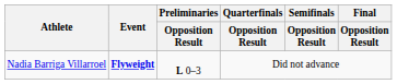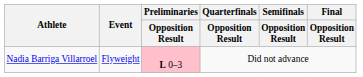 <table class="wikitable" border="1" style="font-size:90%">
 <tr>
 <th rowspan=2>Athlete</th>
 <th rowspan=2>Event</th>
 <th>Preliminaries</th>
 <th>Quarterfinals</th>
 <th>Semifinals</th>
 <th>Final</th>
 </tr>
 <tr>
 <th>Opposition<br>Result</th>
 <th>Opposition<br>Result</th>
 <th>Opposition<br>Result</th>
 <th>Opposition<br>Result</th>
 </tr>
 <tr>
 <td><a href='#'>Nadia Barriga Villarroel</a></td>
-<td><strong><a href='#'>Flyweight</a></strong></td>
-<td align=center><br><strong>L</strong> 0–3</td>
+<td><a href='#'>Flyweight</a></td>
+<td align=center style="background: pink;"><br><strong>L</strong> 0–3</td>
 <td align=center colspan="3">Did not advance</td>
 </tr>
 </table>
